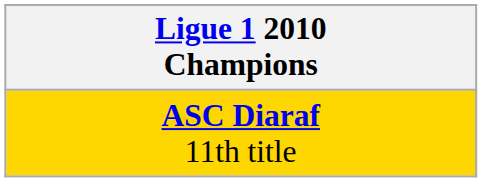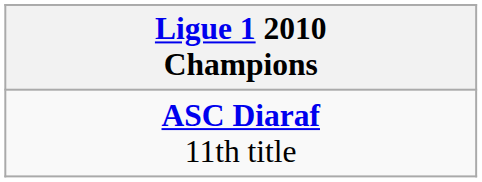 <table class="wikitable" style="margin: 0 auto; width: 240px;">
 <tr>
 <th><a href='#'>Ligue 1</a> 2010<br>Champions</th>
 </tr>
 <tr>
-<td align=center style="background: gold;"><strong><a href='#'>ASC Diaraf</a></strong><br>11th title</td>
+<td align=center><strong><a href='#'>ASC Diaraf</a></strong><br>11th title</td>
 </tr>
 </table>
